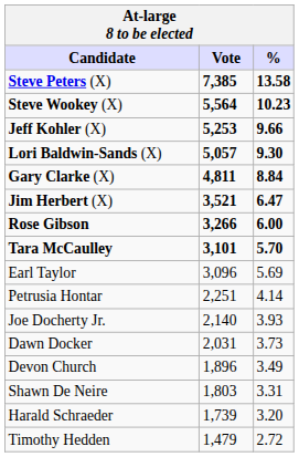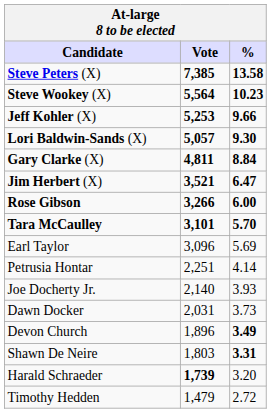 <table class=wikitable>
 <tr>
 <th colspan="3">At-large <br> <em>8 to be elected</em></th>
 </tr>
 <tr>
 <th style="background:#ddf; width:200px;">Candidate</th>
 <th style="background:#ddf; width:50px;">Vote</th>
 <th style="background:#ddf; width:30px;">%</th>
 </tr>
 <tr>
 <td><strong><a href='#'>Steve Peters</a></strong> (X)</td>
 <td><strong>7,385</strong></td>
 <td><strong>13.58</strong></td>
 </tr>
 <tr>
 <td><strong>Steve Wookey</strong> (X)</td>
 <td><strong>5,564</strong></td>
 <td><strong>10.23</strong></td>
 </tr>
 <tr>
 <td><strong>Jeff Kohler</strong> (X)</td>
 <td><strong>5,253</strong></td>
 <td><strong>9.66</strong></td>
 </tr>
 <tr>
 <td><strong>Lori Baldwin-Sands</strong> (X)</td>
 <td><strong>5,057</strong></td>
 <td><strong>9.30</strong></td>
 </tr>
 <tr>
 <td><strong>Gary Clarke</strong> (X)</td>
 <td><strong>4,811</strong></td>
 <td><strong>8.84</strong></td>
 </tr>
 <tr>
 <td><strong>Jim Herbert</strong> (X)</td>
 <td><strong>3,521</strong></td>
 <td><strong>6.47</strong></td>
 </tr>
 <tr>
 <td><strong>Rose Gibson</strong></td>
 <td><strong>3,266</strong></td>
 <td><strong>6.00</strong></td>
 </tr>
 <tr>
 <td><strong>Tara McCaulley</strong></td>
 <td><strong>3,101</strong></td>
 <td><strong>5.70</strong></td>
 </tr>
 <tr>
 <td>Earl Taylor</td>
 <td>3,096</td>
 <td>5.69</td>
 </tr>
 <tr>
 <td>Petrusia Hontar</td>
 <td>2,251</td>
 <td>4.14</td>
 </tr>
 <tr>
 <td>Joe Docherty Jr.</td>
 <td>2,140</td>
 <td>3.93</td>
 </tr>
 <tr>
 <td>Dawn Docker</td>
 <td>2,031</td>
 <td>3.73</td>
 </tr>
 <tr>
 <td>Devon Church</td>
 <td>1,896</td>
-<td>3.49</td>
+<td><strong>3.49</strong></td>
 </tr>
 <tr>
 <td>Shawn De Neire</td>
 <td>1,803</td>
-<td>3.31</td>
+<td><strong>3.31</strong></td>
 </tr>
 <tr>
 <td>Harald Schraeder</td>
-<td>1,739</td>
+<td><strong>1,739</strong></td>
 <td>3.20</td>
 </tr>
 <tr>
 <td>Timothy Hedden</td>
 <td>1,479</td>
 <td>2.72</td>
 </tr>
 </table>
